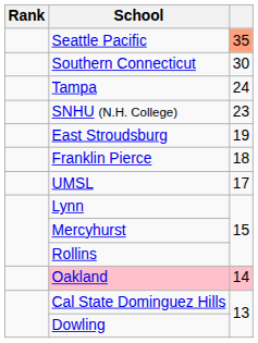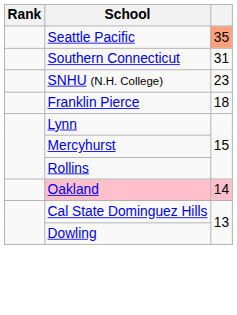 <table class="wikitable" style="text-align:center">
 <tr>
 <th>Rank</th>
 <th>School</th>
 <th></th>
 </tr>
 <tr>
 <td></td>
 <td align=left><a href='#'>Seattle Pacific</a></td>
 <td style="background: lightsalmon;">35</td>
 </tr>
 <tr>
 <td></td>
 <td align=left><a href='#'>Southern Connecticut</a></td>
-<td>30</td>
-</tr>
-<tr>
-<td></td>
-<td align=left><a href='#'>Tampa</a></td>
-<td>24</td>
+<td>31</td>
 </tr>
 <tr>
 <td></td>
 <td align=left><a href='#'>SNHU</a> <small>(N.H. College)</small></td>
 <td>23</td>
 </tr>
 <tr>
 <td></td>
-<td align=left><a href='#'>East Stroudsburg</a></td>
-<td>19</td>
-</tr>
-<tr>
-<td></td>
 <td align=left><a href='#'>Franklin Pierce</a></td>
 <td>18</td>
-</tr>
-<tr>
-<td></td>
-<td align=left><a href='#'>UMSL</a></td>
-<td>17</td>
 </tr>
 <tr>
 <td rowspan=3></td>
 <td align=left><a href='#'>Lynn</a></td>
 <td rowspan=3>15</td>
 </tr>
 <tr>
 <td align=left><a href='#'>Mercyhurst</a></td>
 </tr>
 <tr>
 <td align=left><a href='#'>Rollins</a></td>
 </tr>
 <tr>
 <td></td>
 <td bgcolor=pink align=left><a href='#'>Oakland</a></td>
 <td bgcolor=pink align=center>14</td>
 </tr>
 <tr>
 <td rowspan=2></td>
 <td align=left><a href='#'>Cal State Dominguez Hills</a></td>
 <td rowspan=2>13</td>
 </tr>
 <tr>
 <td align=left><a href='#'>Dowling</a></td>
 </tr>
 </table>
